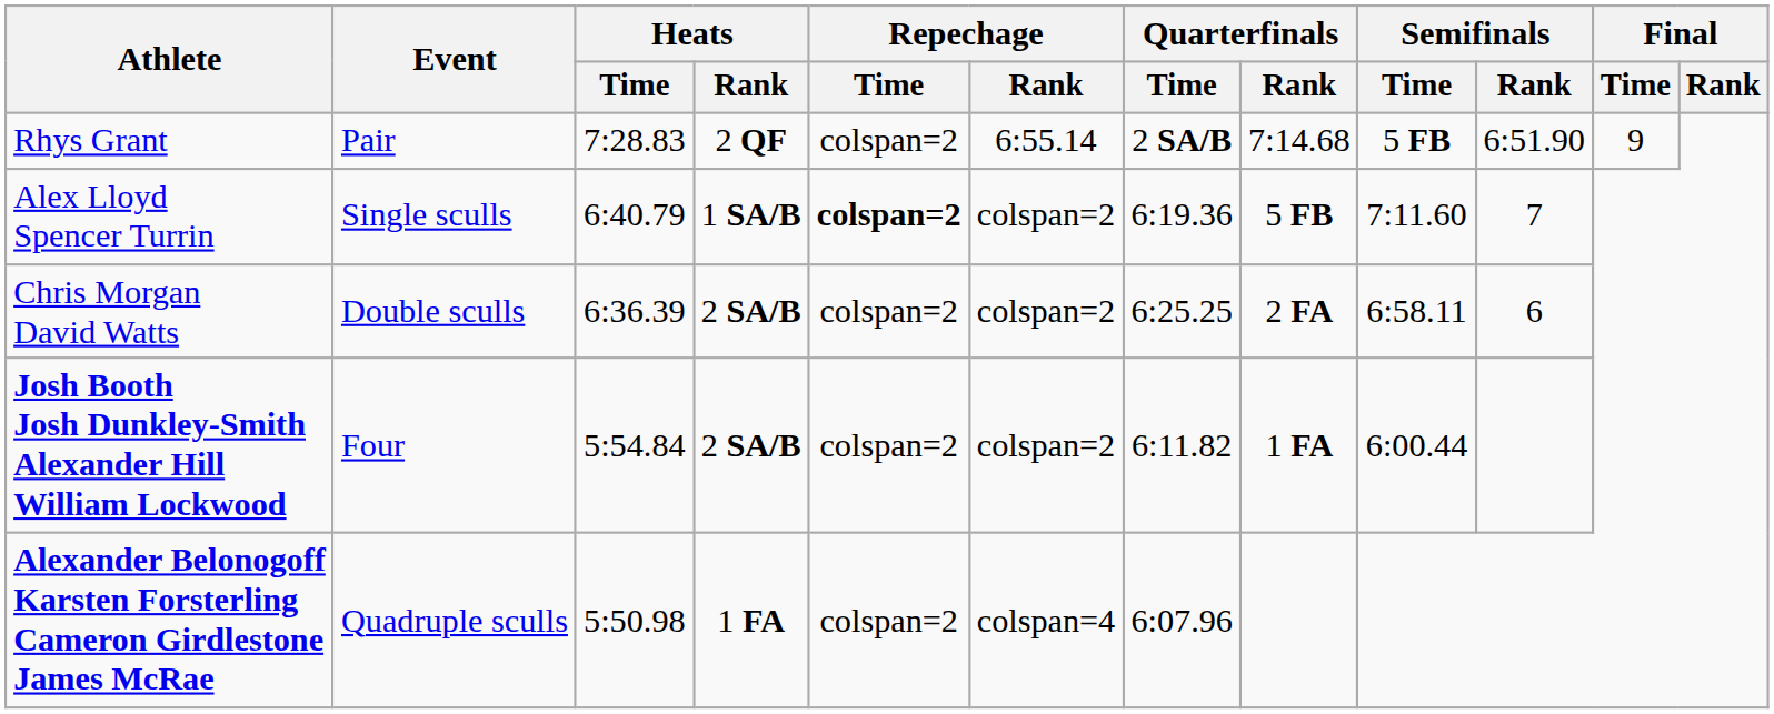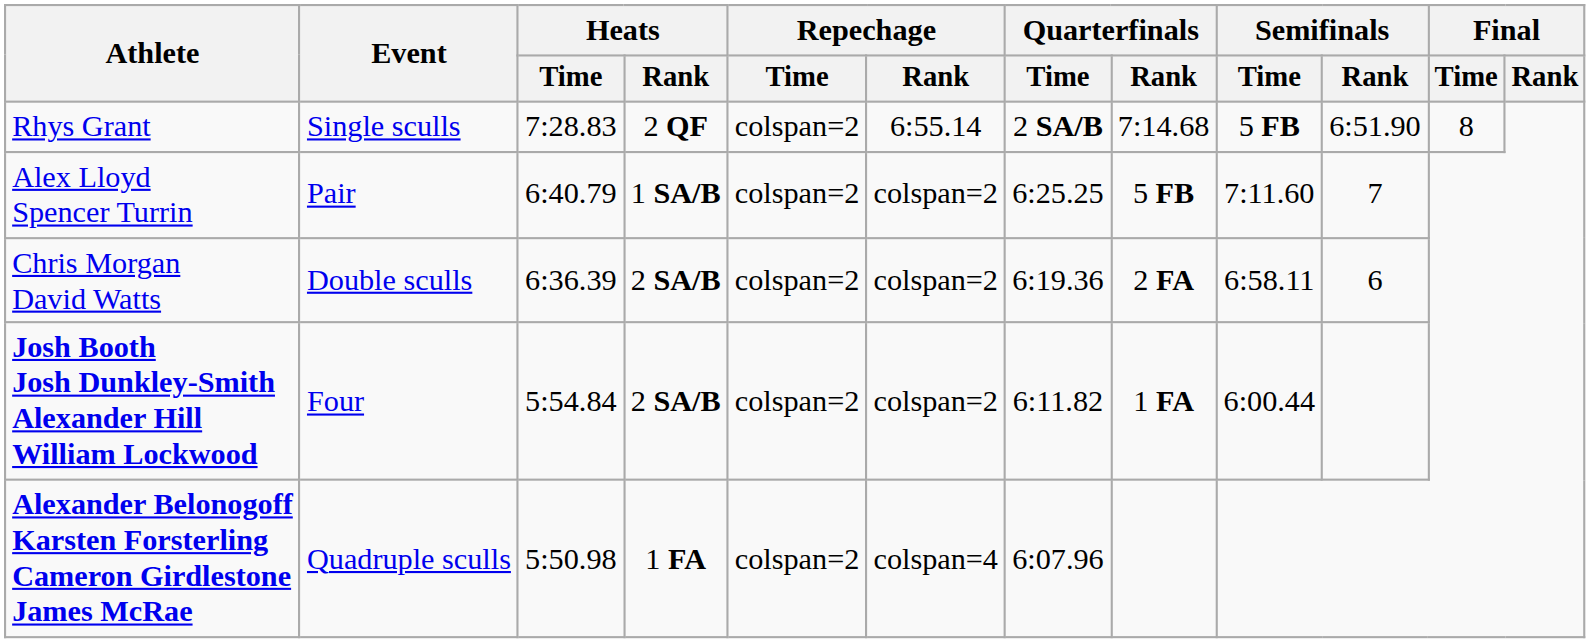 <table class="wikitable" style="font-size:90%">
 <tr>
 <th rowspan="2">Athlete</th>
 <th rowspan="2">Event</th>
 <th colspan="2">Heats</th>
 <th colspan="2">Repechage</th>
 <th colspan="2">Quarterfinals</th>
 <th colspan="2">Semifinals</th>
 <th colspan="2">Final</th>
 </tr>
 <tr style="font-size:95%">
 <th>Time</th>
 <th>Rank</th>
 <th>Time</th>
 <th>Rank</th>
 <th>Time</th>
 <th>Rank</th>
 <th>Time</th>
 <th>Rank</th>
 <th>Time</th>
 <th>Rank</th>
 </tr>
 <tr align=center>
 <td align=left><a href='#'>Rhys Grant</a></td>
-<td align=left><a href='#'>Pair</a></td>
+<td align=left><a href='#'>Single sculls</a></td>
 <td>7:28.83</td>
 <td>2 <strong>QF</strong></td>
 <td>colspan=2 </td>
 <td>6:55.14</td>
 <td>2 <strong>SA/B</strong></td>
 <td>7:14.68</td>
 <td>5 <strong>FB</strong></td>
 <td>6:51.90</td>
-<td>9</td>
+<td>8</td>
 </tr>
 <tr align=center>
 <td align=left><a href='#'>Alex Lloyd</a><br><a href='#'>Spencer Turrin</a></td>
-<td align=left><a href='#'>Single sculls</a></td>
+<td align=left><a href='#'>Pair</a></td>
 <td>6:40.79</td>
 <td>1 <strong>SA/B</strong></td>
-<td><strong>colspan=2 </strong></td>
 <td>colspan=2 </td>
-<td>6:19.36</td>
+<td>colspan=2 </td>
+<td>6:25.25</td>
 <td>5 <strong>FB</strong></td>
 <td>7:11.60</td>
 <td>7</td>
 </tr>
 <tr align=center>
 <td align=left><a href='#'>Chris Morgan</a><br><a href='#'>David Watts</a></td>
 <td align=left><a href='#'>Double sculls</a></td>
 <td>6:36.39</td>
 <td>2 <strong>SA/B</strong></td>
 <td>colspan=2 </td>
 <td>colspan=2 </td>
-<td>6:25.25</td>
+<td>6:19.36</td>
 <td>2 <strong>FA</strong></td>
 <td>6:58.11</td>
 <td>6</td>
 </tr>
 <tr align=center>
 <td align=left><strong><a href='#'>Josh Booth</a><br><a href='#'>Josh Dunkley-Smith</a><br><a href='#'>Alexander Hill</a><br><a href='#'>William Lockwood</a></strong></td>
 <td align=left><a href='#'>Four</a></td>
 <td>5:54.84</td>
 <td>2 <strong>SA/B</strong></td>
 <td>colspan=2 </td>
 <td>colspan=2 </td>
 <td>6:11.82</td>
 <td>1 <strong>FA</strong></td>
 <td>6:00.44</td>
 <td></td>
 </tr>
 <tr align=center>
 <td align=left><strong><a href='#'>Alexander Belonogoff</a><br><a href='#'>Karsten Forsterling</a><br><a href='#'>Cameron Girdlestone</a><br><a href='#'>James McRae</a></strong></td>
 <td align=left><a href='#'>Quadruple sculls</a></td>
 <td>5:50.98</td>
 <td>1 <strong>FA</strong></td>
 <td>colspan=2 </td>
 <td>colspan=4 </td>
 <td>6:07.96</td>
 <td></td>
 </tr>
 </table>
